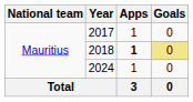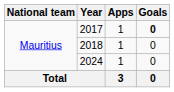 <table class="wikitable" style="text-align:center">
 <tr>
 <th>National team</th>
 <th>Year</th>
 <th>Apps</th>
 <th>Goals</th>
 </tr>
 <tr>
 <td rowspan="3"><a href='#'>Mauritius</a></td>
 <td>2017</td>
 <td>1</td>
-<td>0</td>
+<td><strong>0</strong></td>
 </tr>
 <tr>
 <td>2018</td>
-<td><strong>1</strong></td>
-<td style="background: khaki;">0</td>
+<td>1</td>
+<td>0</td>
 </tr>
 <tr>
 <td>2024</td>
 <td>1</td>
 <td>0</td>
 </tr>
 <tr>
 <th colspan=2>Total</th>
 <th>3</th>
 <th>0</th>
 </tr>
 </table>
